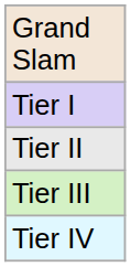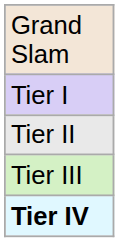 <table class=wikitable style=font-size:90%;width:10%>
 <tr style="background:#f3e6d7;">
 <td>Grand Slam</td>
 </tr>
 <tr style="background:#d8cef6;">
 <td>Tier I</td>
 </tr>
 <tr style="background:#e9e9e9;">
 <td>Tier II</td>
 </tr>
 <tr style="background:#d4f1c5;">
 <td>Tier III</td>
 </tr>
 <tr style="background:#e0f8ff;">
-<td>Tier IV</td>
+<td><strong>Tier IV</strong></td>
 </tr>
 </table>
